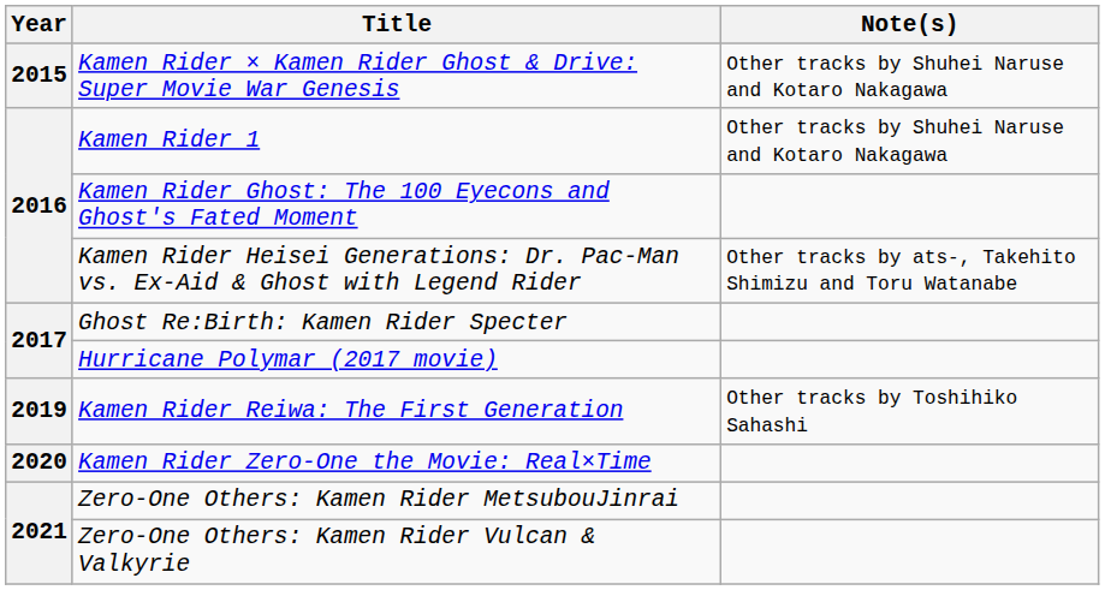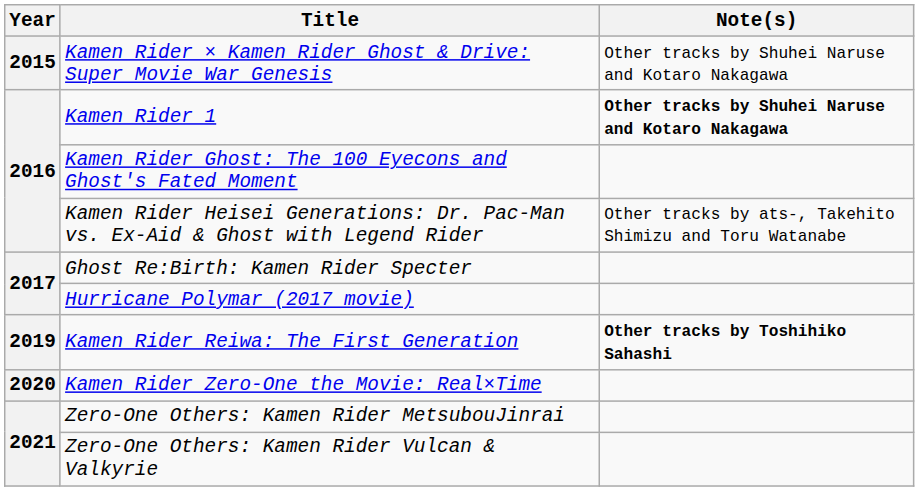 <table class="wikitable sortable">
 <tr>
 <th>Year</th>
 <th>Title</th>
 <th class="unsortable">Note(s)</th>
 </tr>
 <tr>
 <th>2015</th>
 <td><em><a href='#'>Kamen Rider × Kamen Rider Ghost & Drive: Super Movie War Genesis</a></em></td>
 <td><small>Other tracks by Shuhei Naruse and Kotaro Nakagawa</small></td>
 </tr>
 <tr>
 <th rowspan="3">2016</th>
 <td><em><a href='#'>Kamen Rider 1</a></em></td>
-<td><small>Other tracks by Shuhei Naruse and Kotaro Nakagawa</small></td>
+<td><strong><small>Other tracks by Shuhei Naruse and Kotaro Nakagawa</small></strong></td>
 </tr>
 <tr>
 <td><em><a href='#'>Kamen Rider Ghost: The 100 Eyecons and Ghost's Fated Moment</a></em></td>
 <td></td>
 </tr>
 <tr>
 <td><em>Kamen Rider Heisei Generations: Dr. Pac-Man vs. Ex-Aid & Ghost with Legend Rider</em></td>
 <td><small>Other tracks by ats-, Takehito Shimizu and Toru Watanabe</small></td>
 </tr>
 <tr>
 <th rowspan="2">2017</th>
 <td><em>Ghost Re:Birth: Kamen Rider Specter</em></td>
 <td></td>
 </tr>
 <tr>
 <td><em><a href='#'>Hurricane Polymar (2017 movie)</a></em></td>
 <td></td>
 </tr>
 <tr>
 <th>2019</th>
 <td><em><a href='#'>Kamen Rider Reiwa: The First Generation</a></em></td>
-<td><small>Other tracks by Toshihiko Sahashi</small></td>
+<td><strong><small>Other tracks by Toshihiko Sahashi</small></strong></td>
 </tr>
 <tr>
 <th>2020</th>
 <td><em><a href='#'>Kamen Rider Zero-One the Movie: Real×Time</a></em></td>
 <td></td>
 </tr>
 <tr>
 <th rowspan="2">2021</th>
 <td><em>Zero-One Others: Kamen Rider MetsubouJinrai</em></td>
 <td></td>
 </tr>
 <tr>
 <td><em>Zero-One Others: Kamen Rider Vulcan & Valkyrie</em></td>
 <td></td>
 </tr>
 </table>
